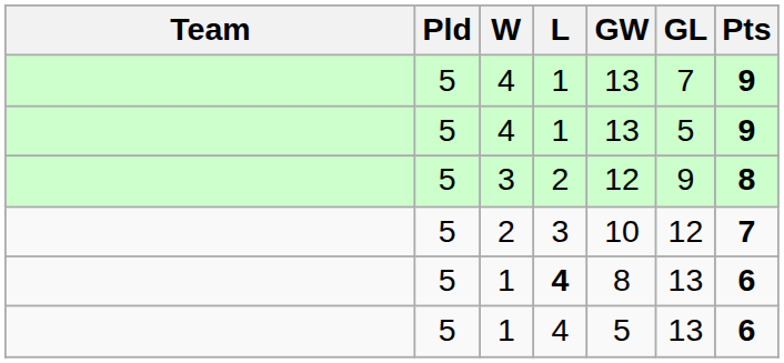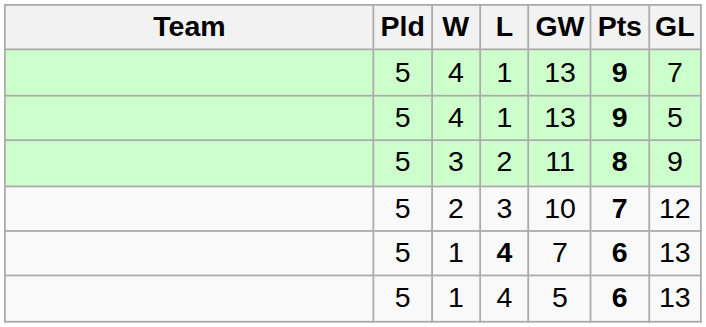 <table class="wikitable" style="text-align:center">
 <tr>
 <th width=200>Team</th>
 <th width=20>Pld</th>
 <th width=20>W</th>
 <th width=20>L</th>
 <th width=20>GW</th>
+<th width=20>Pts</th>
 <th width=20>GL</th>
-<th width=20>Pts</th>
 </tr>
 <tr bgcolor=ccffcc>
 <td style="text-align:left;"></td>
 <td>5</td>
 <td>4</td>
 <td>1</td>
 <td>13</td>
+<td><strong>9</strong></td>
 <td>7</td>
-<td><strong>9</strong></td>
 </tr>
 <tr bgcolor=ccffcc>
 <td style="text-align:left;"></td>
 <td>5</td>
 <td>4</td>
 <td>1</td>
 <td>13</td>
+<td><strong>9</strong></td>
 <td>5</td>
-<td><strong>9</strong></td>
 </tr>
 <tr bgcolor=ccffcc>
 <td style="text-align:left;"></td>
 <td>5</td>
 <td>3</td>
 <td>2</td>
-<td>12</td>
+<td>11</td>
+<td><strong>8</strong></td>
 <td>9</td>
-<td><strong>8</strong></td>
 </tr>
 <tr>
 <td style="text-align:left;"></td>
 <td>5</td>
 <td>2</td>
 <td>3</td>
 <td>10</td>
+<td><strong>7</strong></td>
 <td>12</td>
-<td><strong>7</strong></td>
 </tr>
 <tr>
 <td style="text-align:left;"></td>
 <td>5</td>
 <td>1</td>
 <td><strong>4</strong></td>
-<td>8</td>
+<td>7</td>
+<td><strong>6</strong></td>
 <td>13</td>
-<td><strong>6</strong></td>
 </tr>
 <tr>
 <td style="text-align:left;"></td>
 <td>5</td>
 <td>1</td>
 <td>4</td>
 <td>5</td>
+<td><strong>6</strong></td>
 <td>13</td>
-<td><strong>6</strong></td>
 </tr>
 </table>
